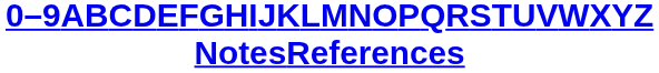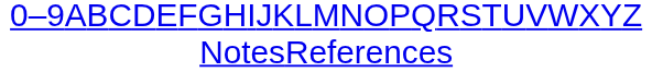 <table id="toc" class="toc" summary="Class" align="center" style="text-align:center;">
 <tr>
 <th></th>
 </tr>
 <tr>
-<td><strong><a href='#'>0–9</a><a href='#'>A</a><a href='#'>B</a><a href='#'>C</a><a href='#'>D</a><a href='#'>E</a><a href='#'>F</a><a href='#'>G</a><a href='#'>H</a><a href='#'>I</a><a href='#'>J</a><a href='#'>K</a><a href='#'>L</a><a href='#'>M</a><a href='#'>N</a><a href='#'>O</a><a href='#'>P</a><a href='#'>Q</a><a href='#'>R</a><a href='#'>S</a><a href='#'>T</a><a href='#'>U</a><a href='#'>V</a><a href='#'>W</a><a href='#'>X</a><a href='#'>Y</a><a href='#'>Z</a><br><a href='#'>Notes</a><a href='#'>References</a></strong></td>
+<td><a href='#'>0–9</a><a href='#'>A</a><a href='#'>B</a><a href='#'>C</a><a href='#'>D</a><a href='#'>E</a><a href='#'>F</a><a href='#'>G</a><a href='#'>H</a><a href='#'>I</a><a href='#'>J</a><a href='#'>K</a><a href='#'>L</a><a href='#'>M</a><a href='#'>N</a><a href='#'>O</a><a href='#'>P</a><a href='#'>Q</a><a href='#'>R</a><a href='#'>S</a><a href='#'>T</a><a href='#'>U</a><a href='#'>V</a><a href='#'>W</a><a href='#'>X</a><a href='#'>Y</a><a href='#'>Z</a><br><a href='#'>Notes</a><a href='#'>References</a></td>
 </tr>
 </table>
